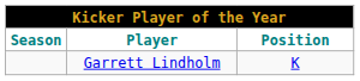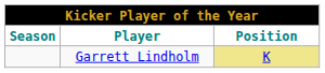 <table class="wikitable sortable" style="text-align:center">
 <tr>
 <td colspan="4" style="background:#000; color:#DAA520;"><strong>Kicker Player of the Year</strong></td>
 </tr>
 <tr>
 <th style="width:50px; background:white; color:teal;">Season</th>
 <th style="width:150px; background:white; color:teal;">Player</th>
 <th style="width:100px; background:white; color:teal;">Position</th>
 </tr>
 <tr>
 <td></td>
 <td><a href='#'>Garrett Lindholm</a></td>
-<td><a href='#'>K</a></td>
+<td style="background: khaki;"><a href='#'>K</a></td>
 </tr>
 </table>
